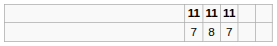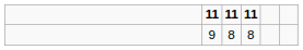 <table class="wikitable">
 <tr>
 <td style="width:15em"></td>
 <td align=center style="width:1em"><strong>11</strong></td>
 <td align=center style="width:1em"><strong>11</strong></td>
 <td align=center style="width:1em"><strong>11</strong></td>
 <td align=center style="width:1em"></td>
 <td align=center style="width:1em"></td>
 </tr>
 <tr>
 <td style="width:15em"></td>
-<td align=center style="width:1em">7</td>
+<td align=center style="width:1em">9</td>
 <td align=center style="width:1em">8</td>
-<td align=center style="width:1em">7</td>
+<td align=center style="width:1em">8</td>
 <td align=center style="width:1em"></td>
 <td align=center style="width:1em"></td>
 </tr>
 </table>
